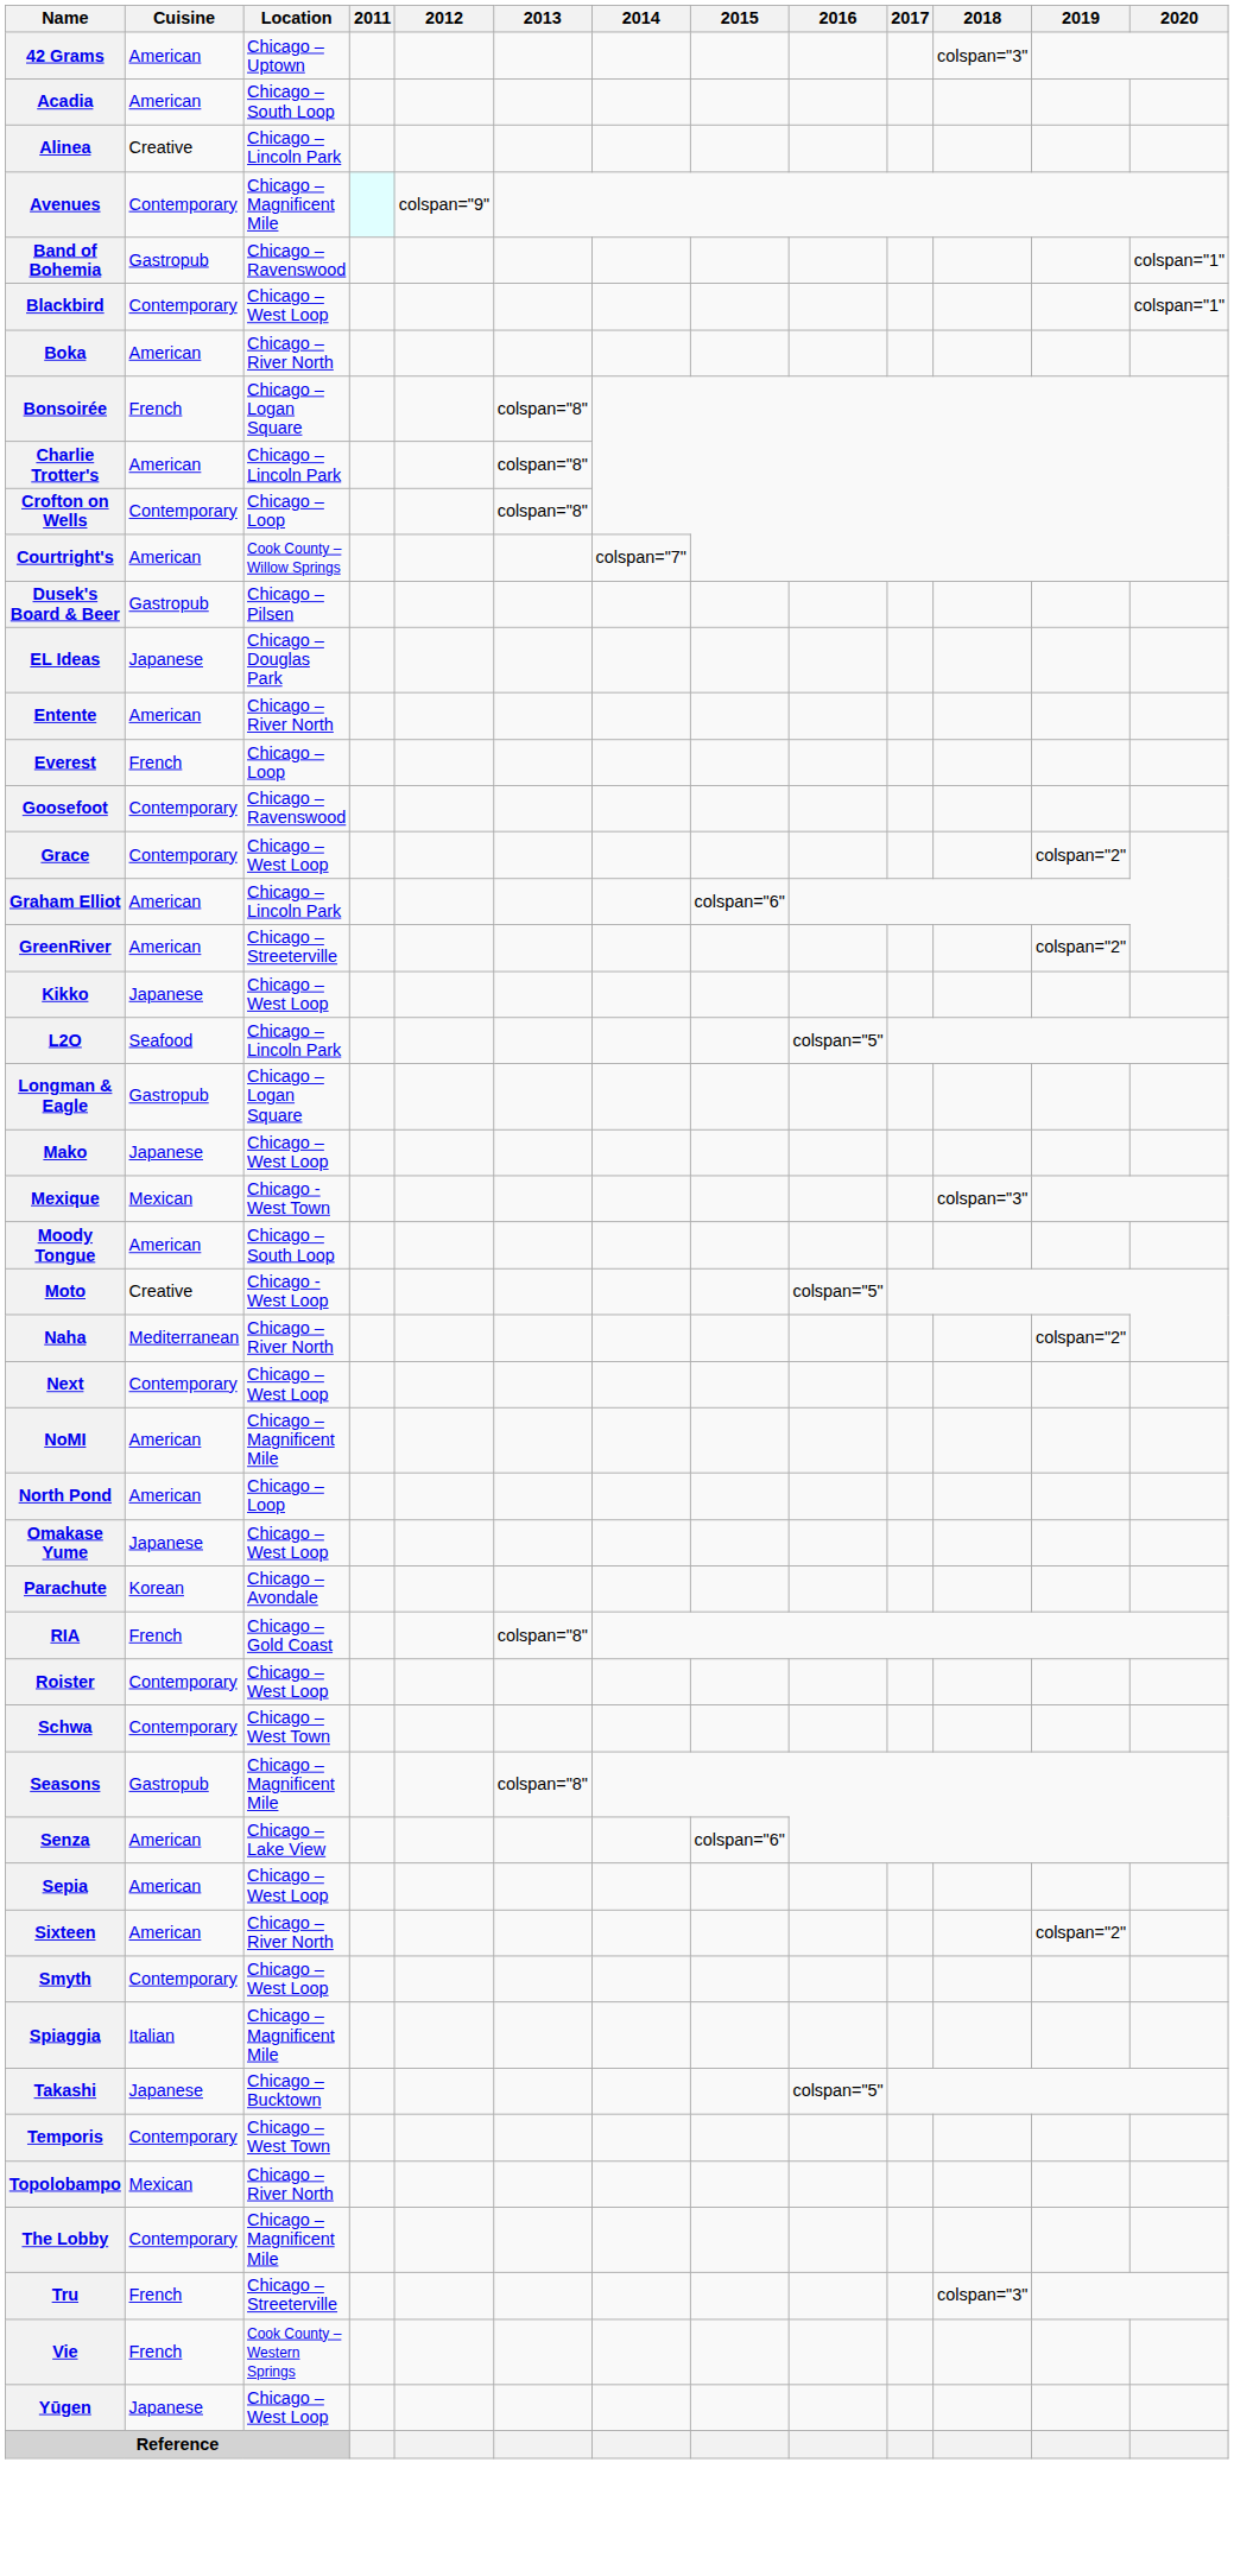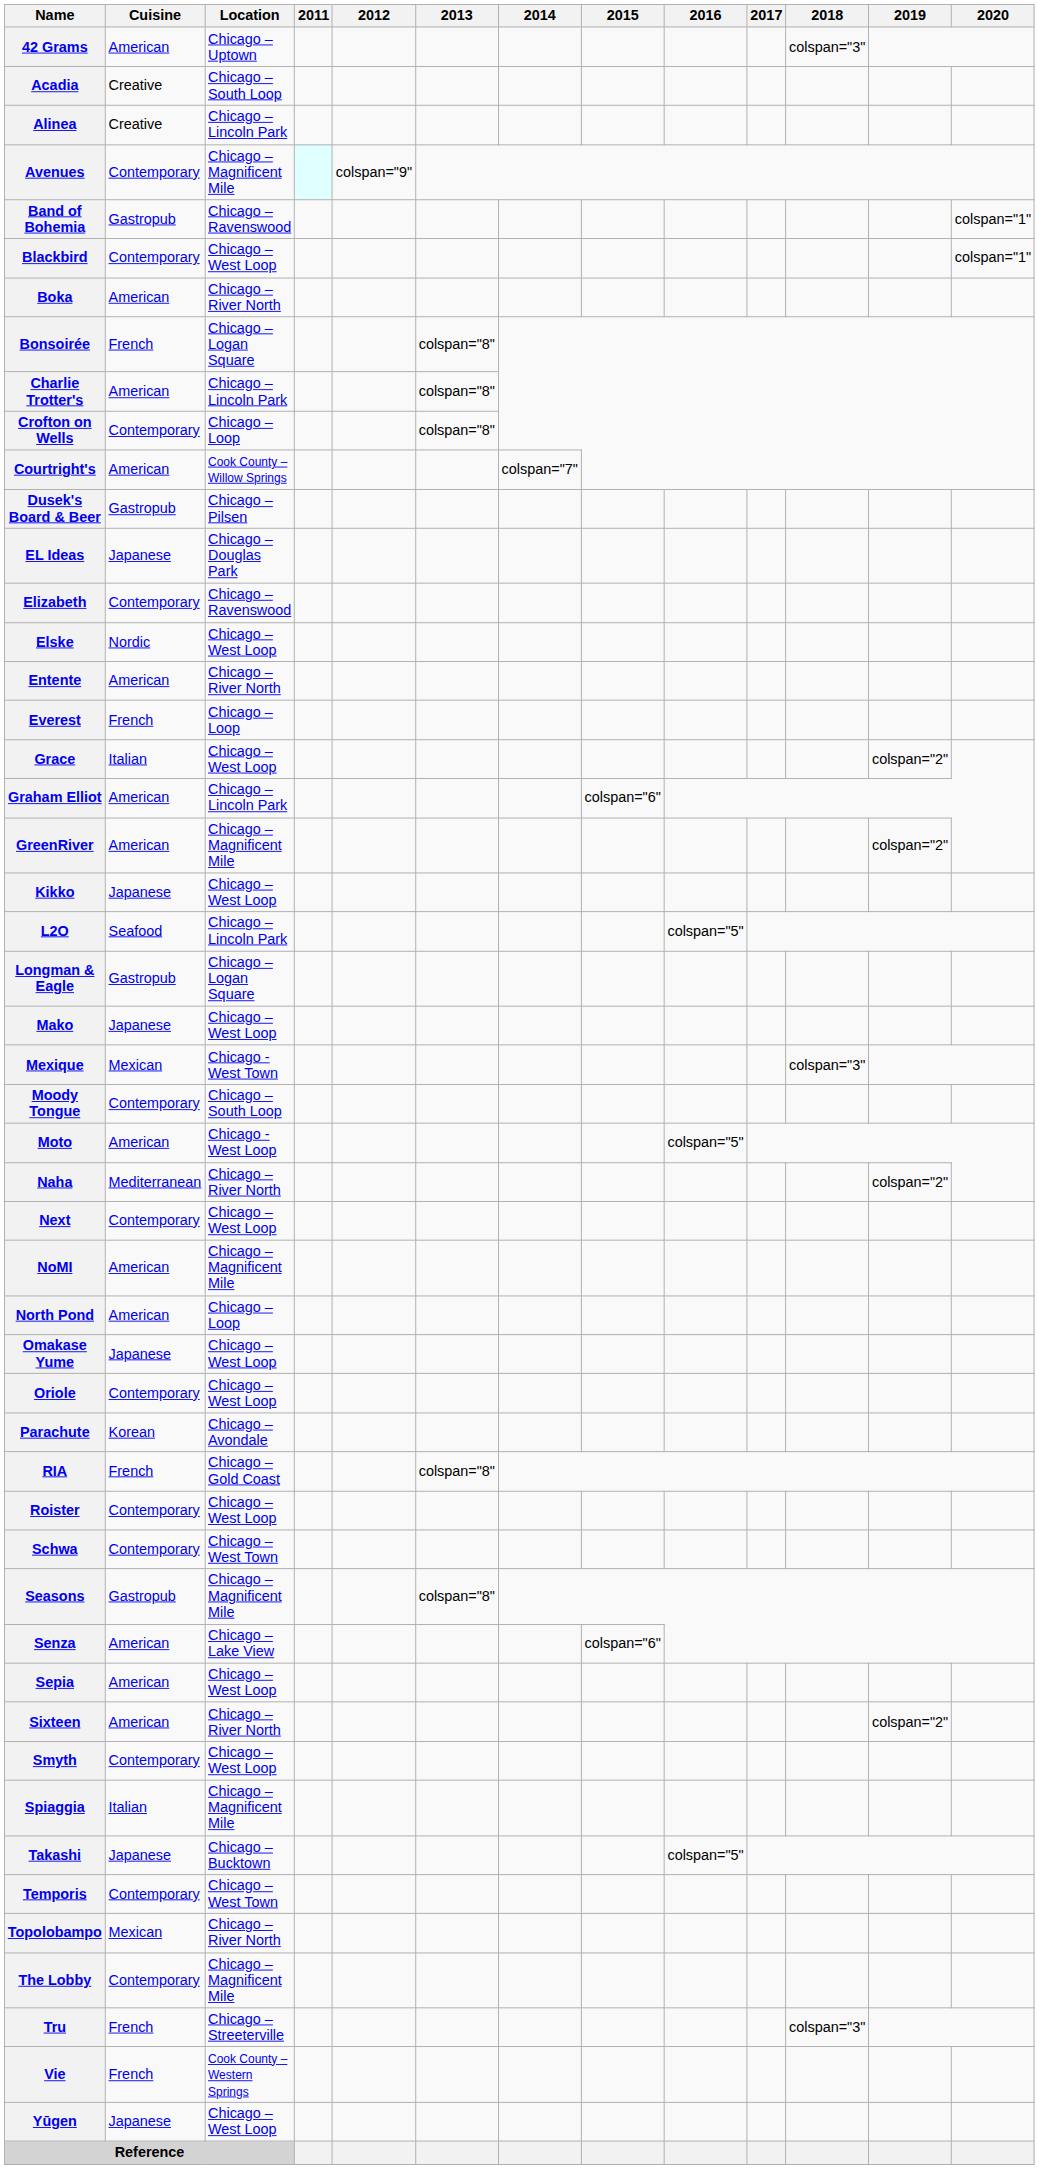 <table class="wikitable sortable plainrowheaders" style="text-align:left;"">
 <tr>
 <th scope="col">Name</th>
 <th scope="col">Cuisine</th>
 <th scope="col">Location</th>
 <th scope="col">2011</th>
 <th scope="col">2012</th>
 <th scope="col">2013</th>
 <th scope="col">2014</th>
 <th scope="col">2015</th>
 <th scope="col">2016</th>
 <th scope="col">2017</th>
 <th scope="col">2018</th>
 <th scope="col">2019</th>
 <th scope="col">2020</th>
 </tr>
 <tr>
 <th scope="row"><a href='#'>42 Grams</a></th>
 <td><a href='#'>American</a></td>
 <td><a href='#'>Chicago – Uptown</a></td>
 <td></td>
 <td></td>
 <td></td>
 <td></td>
 <td></td>
 <td></td>
 <td></td>
 <td>colspan="3" </td>
 </tr>
 <tr>
 <th scope="row"><a href='#'>Acadia</a></th>
-<td><a href='#'>American</a></td>
+<td>Creative</td>
 <td><a href='#'>Chicago – South Loop</a></td>
 <td></td>
 <td></td>
 <td></td>
 <td></td>
 <td></td>
 <td></td>
 <td></td>
 <td></td>
 <td></td>
 <td></td>
 </tr>
 <tr>
 <th scope="row"><a href='#'>Alinea</a></th>
 <td>Creative</td>
 <td><a href='#'>Chicago – Lincoln Park</a></td>
 <td></td>
 <td></td>
 <td></td>
 <td></td>
 <td></td>
 <td></td>
 <td></td>
 <td></td>
 <td></td>
 <td></td>
 </tr>
 <tr>
 <th scope="row"><a href='#'>Avenues</a></th>
 <td><a href='#'>Contemporary</a></td>
 <td><a href='#'>Chicago – Magnificent Mile</a></td>
 <th scope="row" style="background-color:#E0FFFF"></th>
 <td>colspan="9" </td>
 </tr>
 <tr>
 <th scope="row"><a href='#'>Band of Bohemia</a></th>
 <td><a href='#'>Gastropub</a></td>
 <td><a href='#'>Chicago – Ravenswood</a></td>
 <td></td>
 <td></td>
 <td></td>
 <td></td>
 <td></td>
 <td></td>
 <td></td>
 <td></td>
 <td></td>
 <td>colspan="1" </td>
 </tr>
 <tr>
 <th scope="row"><a href='#'>Blackbird</a></th>
 <td><a href='#'>Contemporary</a></td>
 <td><a href='#'>Chicago – West Loop</a></td>
 <td></td>
 <td></td>
 <td></td>
 <td></td>
 <td></td>
 <td></td>
 <td></td>
 <td></td>
 <td></td>
 <td>colspan="1" </td>
 </tr>
 <tr>
 <th scope="row"><a href='#'>Boka</a></th>
 <td><a href='#'>American</a></td>
 <td><a href='#'>Chicago – River North</a></td>
 <td></td>
 <td></td>
 <td></td>
 <td></td>
 <td></td>
 <td></td>
 <td></td>
 <td></td>
 <td></td>
 <td></td>
 </tr>
 <tr>
 <th scope="row"><a href='#'>Bonsoirée</a></th>
 <td><a href='#'>French</a></td>
 <td><a href='#'>Chicago – Logan Square</a></td>
 <td></td>
 <td></td>
 <td>colspan="8" </td>
 </tr>
 <tr>
 <th scope="row"><a href='#'>Charlie Trotter's</a></th>
 <td><a href='#'>American</a></td>
 <td><a href='#'>Chicago – Lincoln Park</a></td>
 <td></td>
 <td></td>
 <td>colspan="8" </td>
 </tr>
 <tr>
 <th scope="row"><a href='#'>Crofton on Wells</a></th>
 <td><a href='#'>Contemporary</a></td>
 <td><a href='#'>Chicago – Loop</a></td>
 <td></td>
 <td></td>
 <td>colspan="8" </td>
 </tr>
 <tr>
 <th scope="row"><a href='#'>Courtright's</a></th>
 <td><a href='#'>American</a></td>
 <td><small><a href='#'>Cook County – Willow Springs</a></small></td>
 <td></td>
 <td></td>
 <td></td>
 <td>colspan="7" </td>
 </tr>
 <tr>
 <th scope="row"><a href='#'>Dusek's Board & Beer</a></th>
 <td><a href='#'>Gastropub</a></td>
 <td><a href='#'>Chicago – Pilsen</a></td>
 <td></td>
 <td></td>
 <td></td>
 <td></td>
 <td></td>
 <td></td>
 <td></td>
 <td></td>
 <td></td>
 <td></td>
 </tr>
 <tr>
 <th scope="row"><a href='#'>EL Ideas</a></th>
 <td><a href='#'>Japanese</a></td>
 <td><a href='#'>Chicago – Douglas Park</a></td>
 <td></td>
 <td></td>
 <td></td>
 <td></td>
 <td></td>
 <td></td>
 <td></td>
 <td></td>
 <td></td>
 <td></td>
 </tr>
 <tr>
+<th scope="row"><a href='#'>Elizabeth</a></th>
+<td><a href='#'>Contemporary</a></td>
+<td><a href='#'>Chicago – Ravenswood</a></td>
+<td></td>
+<td></td>
+<td></td>
+<td></td>
+<td></td>
+<td></td>
+<td></td>
+<td></td>
+<td></td>
+<td></td>
+</tr>
+<tr>
+<th scope="row"><a href='#'>Elske</a></th>
+<td><a href='#'>Nordic</a></td>
+<td><a href='#'>Chicago – West Loop</a></td>
+<td></td>
+<td></td>
+<td></td>
+<td></td>
+<td></td>
+<td></td>
+<td></td>
+<td></td>
+<td></td>
+<td></td>
+</tr>
+<tr>
 <th scope="row"><a href='#'>Entente</a></th>
 <td><a href='#'>American</a></td>
 <td><a href='#'>Chicago – River North</a></td>
 <td></td>
 <td></td>
 <td></td>
 <td></td>
 <td></td>
 <td></td>
 <td></td>
 <td></td>
 <td></td>
 <td></td>
 </tr>
 <tr>
 <th scope="row"><a href='#'>Everest</a></th>
 <td><a href='#'>French</a></td>
 <td><a href='#'>Chicago – Loop</a></td>
 <td></td>
 <td></td>
 <td></td>
 <td></td>
 <td></td>
 <td></td>
 <td></td>
 <td></td>
 <td></td>
 <td></td>
 </tr>
 <tr>
-<th scope="row"><a href='#'>Goosefoot</a></th>
-<td><a href='#'>Contemporary</a></td>
-<td><a href='#'>Chicago – Ravenswood</a></td>
-<td></td>
-<td></td>
-<td></td>
-<td></td>
-<td></td>
-<td></td>
-<td></td>
-<td></td>
-<td></td>
-<td></td>
-</tr>
-<tr>
 <th scope="row"><a href='#'>Grace</a></th>
-<td><a href='#'>Contemporary</a></td>
+<td><a href='#'>Italian</a></td>
 <td><a href='#'>Chicago – West Loop</a></td>
 <td></td>
 <td></td>
 <td></td>
 <td></td>
 <td></td>
 <td></td>
 <td></td>
 <td></td>
 <td>colspan="2" </td>
 </tr>
 <tr>
 <th scope="row"><a href='#'>Graham Elliot</a></th>
 <td><a href='#'>American</a></td>
 <td><a href='#'>Chicago – Lincoln Park</a></td>
 <td></td>
 <td></td>
 <td></td>
 <td></td>
 <td>colspan="6" </td>
 </tr>
 <tr>
 <th scope="row"><a href='#'>GreenRiver</a></th>
 <td><a href='#'>American</a></td>
-<td><a href='#'>Chicago – Streeterville</a></td>
+<td><a href='#'>Chicago – Magnificent Mile</a></td>
 <td></td>
 <td></td>
 <td></td>
 <td></td>
 <td></td>
 <td></td>
 <td></td>
 <td></td>
 <td>colspan="2" </td>
 </tr>
 <tr>
 <th scope="row"><a href='#'>Kikko</a></th>
 <td><a href='#'>Japanese</a></td>
 <td><a href='#'>Chicago – West Loop</a></td>
 <td></td>
 <td></td>
 <td></td>
 <td></td>
 <td></td>
 <td></td>
 <td></td>
 <td></td>
 <td></td>
 <td></td>
 </tr>
 <tr>
 <th scope="row"><a href='#'>L2O</a></th>
 <td><a href='#'>Seafood</a></td>
 <td><a href='#'>Chicago – Lincoln Park</a></td>
 <td></td>
 <td></td>
 <td></td>
 <td></td>
 <td></td>
 <td>colspan="5" </td>
 </tr>
 <tr>
 <th scope="row"><a href='#'>Longman & Eagle</a></th>
 <td><a href='#'>Gastropub</a></td>
 <td><a href='#'>Chicago – Logan Square</a></td>
 <td></td>
 <td></td>
 <td></td>
 <td></td>
 <td></td>
 <td></td>
 <td></td>
 <td></td>
 <td></td>
 <td></td>
 </tr>
 <tr>
 <th scope="row"><a href='#'>Mako</a></th>
 <td><a href='#'>Japanese</a></td>
 <td><a href='#'>Chicago – West Loop</a></td>
 <td></td>
 <td></td>
 <td></td>
 <td></td>
 <td></td>
 <td></td>
 <td></td>
 <td></td>
 <td></td>
 <td></td>
 </tr>
 <tr>
 <th scope="row"><a href='#'>Mexique</a></th>
 <td><a href='#'>Mexican</a></td>
 <td><a href='#'>Chicago - West Town</a></td>
 <td></td>
 <td></td>
 <td></td>
 <td></td>
 <td></td>
 <td></td>
 <td></td>
 <td>colspan="3" </td>
 </tr>
 <tr>
 <th scope="row"><a href='#'>Moody Tongue</a></th>
-<td><a href='#'>American</a></td>
+<td><a href='#'>Contemporary</a></td>
 <td><a href='#'>Chicago – South Loop</a></td>
 <td></td>
 <td></td>
 <td></td>
 <td></td>
 <td></td>
 <td></td>
 <td></td>
 <td></td>
 <td></td>
 <td></td>
 </tr>
 <tr>
 <th scope="row"><a href='#'>Moto</a></th>
-<td>Creative</td>
+<td><a href='#'>American</a></td>
 <td><a href='#'>Chicago - West Loop</a></td>
 <td></td>
 <td></td>
 <td></td>
 <td></td>
 <td></td>
 <td>colspan="5" </td>
 </tr>
 <tr>
 <th scope="row"><a href='#'>Naha</a></th>
 <td><a href='#'>Mediterranean</a></td>
 <td><a href='#'>Chicago – River North</a></td>
 <td></td>
 <td></td>
 <td></td>
 <td></td>
 <td></td>
 <td></td>
 <td></td>
 <td></td>
 <td>colspan="2" </td>
 </tr>
 <tr>
 <th scope="row"><a href='#'>Next</a></th>
 <td><a href='#'>Contemporary</a></td>
 <td><a href='#'>Chicago – West Loop</a></td>
 <td></td>
 <td></td>
 <td></td>
 <td></td>
 <td></td>
 <td></td>
 <td></td>
 <td></td>
 <td></td>
 <td></td>
 </tr>
 <tr>
 <th scope="row"><a href='#'>NoMI</a></th>
 <td><a href='#'>American</a></td>
 <td><a href='#'>Chicago – Magnificent Mile</a></td>
 <td></td>
 <td></td>
 <td></td>
 <td></td>
 <td></td>
 <td></td>
 <td></td>
 <td></td>
 <td></td>
 <td></td>
 </tr>
 <tr>
 <th scope="row"><a href='#'>North Pond</a></th>
 <td><a href='#'>American</a></td>
 <td><a href='#'>Chicago – Loop</a></td>
 <td></td>
 <td></td>
 <td></td>
 <td></td>
 <td></td>
 <td></td>
 <td></td>
 <td></td>
 <td></td>
 <td></td>
 </tr>
 <tr>
 <th scope="row"><a href='#'>Omakase Yume</a></th>
 <td><a href='#'>Japanese</a></td>
+<td><a href='#'>Chicago – West Loop</a></td>
+<td></td>
+<td></td>
+<td></td>
+<td></td>
+<td></td>
+<td></td>
+<td></td>
+<td></td>
+<td></td>
+<td></td>
+</tr>
+<tr>
+<th scope="row"><a href='#'>Oriole</a></th>
+<td><a href='#'>Contemporary</a></td>
 <td><a href='#'>Chicago – West Loop</a></td>
 <td></td>
 <td></td>
 <td></td>
 <td></td>
 <td></td>
 <td></td>
 <td></td>
 <td></td>
 <td></td>
 <td></td>
 </tr>
 <tr>
 <th scope="row"><a href='#'>Parachute</a></th>
 <td><a href='#'>Korean</a></td>
 <td><a href='#'>Chicago – Avondale</a></td>
 <td></td>
 <td></td>
 <td></td>
 <td></td>
 <td></td>
 <td></td>
 <td></td>
 <td></td>
 <td></td>
 <td></td>
 </tr>
 <tr>
 <th scope="row"><a href='#'>RIA</a></th>
 <td><a href='#'>French</a></td>
 <td><a href='#'>Chicago – Gold Coast</a></td>
 <td></td>
 <td></td>
 <td>colspan="8" </td>
 </tr>
 <tr>
 <th scope="row"><a href='#'>Roister</a></th>
 <td><a href='#'>Contemporary</a></td>
 <td><a href='#'>Chicago – West Loop</a></td>
 <td></td>
 <td></td>
 <td></td>
 <td></td>
 <td></td>
 <td></td>
 <td></td>
 <td></td>
 <td></td>
 <td></td>
 </tr>
 <tr>
 <th scope="row"><a href='#'>Schwa</a></th>
 <td><a href='#'>Contemporary</a></td>
 <td><a href='#'>Chicago – West Town</a></td>
 <td></td>
 <td></td>
 <td></td>
 <td></td>
 <td></td>
 <td></td>
 <td></td>
 <td></td>
 <td></td>
 <td></td>
 </tr>
 <tr>
 <th scope="row"><a href='#'>Seasons</a></th>
 <td><a href='#'>Gastropub</a></td>
 <td><a href='#'>Chicago – Magnificent Mile</a></td>
 <td></td>
 <td></td>
 <td>colspan="8" </td>
 </tr>
 <tr>
 <th scope="row"><a href='#'>Senza</a></th>
 <td><a href='#'>American</a></td>
 <td><a href='#'>Chicago – Lake View</a></td>
 <td></td>
 <td></td>
 <td></td>
 <td></td>
 <td>colspan="6" </td>
 </tr>
 <tr>
 <th scope="row"><a href='#'>Sepia</a></th>
 <td><a href='#'>American</a></td>
 <td><a href='#'>Chicago – West Loop</a></td>
 <td></td>
 <td></td>
 <td></td>
 <td></td>
 <td></td>
 <td></td>
 <td></td>
 <td></td>
 <td></td>
 <td></td>
 </tr>
 <tr>
 <th scope="row"><a href='#'>Sixteen</a></th>
 <td><a href='#'>American</a></td>
 <td><a href='#'>Chicago – River North</a></td>
 <td></td>
 <td></td>
 <td></td>
 <td></td>
 <td></td>
 <td></td>
 <td></td>
 <td></td>
 <td>colspan="2" </td>
 </tr>
 <tr>
 <th scope="row"><a href='#'>Smyth</a></th>
 <td><a href='#'>Contemporary</a></td>
 <td><a href='#'>Chicago – West Loop</a></td>
 <td></td>
 <td></td>
 <td></td>
 <td></td>
 <td></td>
 <td></td>
 <td></td>
 <td></td>
 <td></td>
 <td></td>
 </tr>
 <tr>
 <th scope="row"><a href='#'>Spiaggia</a></th>
 <td><a href='#'>Italian</a></td>
 <td><a href='#'>Chicago – Magnificent Mile</a></td>
 <td></td>
 <td></td>
 <td></td>
 <td></td>
 <td></td>
 <td></td>
 <td></td>
 <td></td>
 <td></td>
 <td></td>
 </tr>
 <tr>
 <th scope="row"><a href='#'>Takashi</a></th>
 <td><a href='#'>Japanese</a></td>
 <td><a href='#'>Chicago – Bucktown</a></td>
 <td></td>
 <td></td>
 <td></td>
 <td></td>
 <td></td>
 <td>colspan="5" </td>
 </tr>
 <tr>
 <th scope="row"><a href='#'>Temporis</a></th>
 <td><a href='#'>Contemporary</a></td>
 <td><a href='#'>Chicago – West Town</a></td>
 <td></td>
 <td></td>
 <td></td>
 <td></td>
 <td></td>
 <td></td>
 <td></td>
 <td></td>
 <td></td>
 <td></td>
 </tr>
 <tr>
 <th scope="row"><a href='#'>Topolobampo</a></th>
 <td><a href='#'>Mexican</a></td>
 <td><a href='#'>Chicago – River North</a></td>
 <td></td>
 <td></td>
 <td></td>
 <td></td>
 <td></td>
 <td></td>
 <td></td>
 <td></td>
 <td></td>
 <td></td>
 </tr>
 <tr>
 <th scope="row"><a href='#'>The Lobby</a></th>
 <td><a href='#'>Contemporary</a></td>
 <td><a href='#'>Chicago – Magnificent Mile</a></td>
 <td></td>
 <td></td>
 <td></td>
 <td></td>
 <td></td>
 <td></td>
 <td></td>
 <td></td>
 <td></td>
 <td></td>
 </tr>
 <tr>
 <th scope="row"><a href='#'>Tru</a></th>
 <td><a href='#'>French</a></td>
 <td><a href='#'>Chicago – Streeterville</a></td>
 <td></td>
 <td></td>
 <td></td>
 <td></td>
 <td></td>
 <td></td>
 <td></td>
 <td>colspan="3" </td>
 </tr>
 <tr>
 <th scope="row"><a href='#'>Vie</a></th>
 <td><a href='#'>French</a></td>
 <td><small><a href='#'>Cook County – Western Springs</a></small></td>
 <td></td>
 <td></td>
 <td></td>
 <td></td>
 <td></td>
 <td></td>
 <td></td>
 <td></td>
 <td></td>
 <td></td>
 </tr>
 <tr>
 <th scope="row"><a href='#'>Yūgen</a></th>
 <td><a href='#'>Japanese</a></td>
 <td><a href='#'>Chicago – West Loop</a></td>
 <td></td>
 <td></td>
 <td></td>
 <td></td>
 <td></td>
 <td></td>
 <td></td>
 <td></td>
 <td></td>
 <td></td>
 </tr>
 <tr>
 <th colspan="3" style="text-align: center;background: lightgray;">Reference</th>
 <th></th>
 <th></th>
 <th></th>
 <th></th>
 <th></th>
 <th></th>
 <th></th>
 <th></th>
 <th></th>
 <th></th>
 </tr>
 </table>
